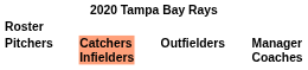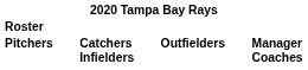 <table class="toccolours" style="font-size: 95%;">
 <tr>
 <th colspan="10">2020 Tampa Bay Rays</th>
 </tr>
 <tr>
 <td colspan="10"><strong>Roster</strong></td>
 </tr>
 <tr>
 <td valign="top"><strong>Pitchers</strong><br>                        </td>
 <td style="width:25px;"></td>
-<td valign="top" style="background: lightsalmon;"><strong>Catchers</strong><br>   <strong>Infielders</strong>        </td>
+<td valign="top"><strong>Catchers</strong><br>   <strong>Infielders</strong>        </td>
 <td style="width:25px;"></td>
 <td valign="top"><strong>Outfielders</strong><br>       </td>
 <td style="width:25px;"></td>
 <td valign="top"><strong>Manager</strong><br> <strong>Coaches</strong>                    </td>
 </tr>
 </table>
